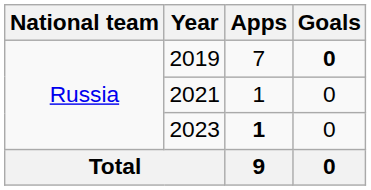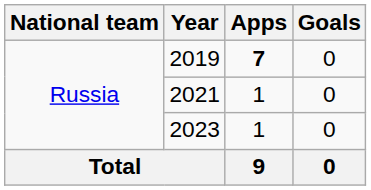 <table class=wikitable style=text-align:center>
 <tr>
 <th>National team</th>
 <th>Year</th>
 <th>Apps</th>
 <th>Goals</th>
 </tr>
 <tr>
 <td rowspan=3><a href='#'>Russia</a></td>
 <td>2019</td>
-<td>7</td>
-<td><strong>0</strong></td>
+<td><strong>7</strong></td>
+<td>0</td>
 </tr>
 <tr>
 <td>2021</td>
 <td>1</td>
 <td>0</td>
 </tr>
 <tr>
 <td>2023</td>
-<td><strong>1</strong></td>
+<td>1</td>
 <td>0</td>
 </tr>
 <tr>
 <th colspan=2>Total</th>
 <th>9</th>
 <th>0</th>
 </tr>
 </table>
